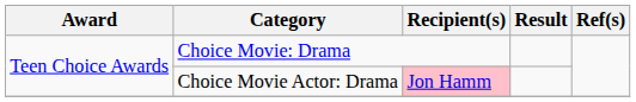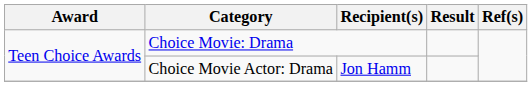 <table class="wikitable sortable">
 <tr>
 <th scope="col">Award</th>
 <th scope="col">Category</th>
 <th scope="col">Recipient(s)</th>
 <th scope="col">Result</th>
 <th scope="col">Ref(s)</th>
 </tr>
 <tr>
 <td rowspan="2"><a href='#'>Teen Choice Awards</a></td>
 <td colspan="2"><a href='#'>Choice Movie: Drama</a></td>
 <td></td>
 <td rowspan="2"></td>
 </tr>
 <tr>
 <td>Choice Movie Actor: Drama</td>
-<td style="background: pink;"><a href='#'>Jon Hamm</a></td>
+<td><a href='#'>Jon Hamm</a></td>
 <td></td>
 </tr>
 <tr>
 </tr>
 </table>
